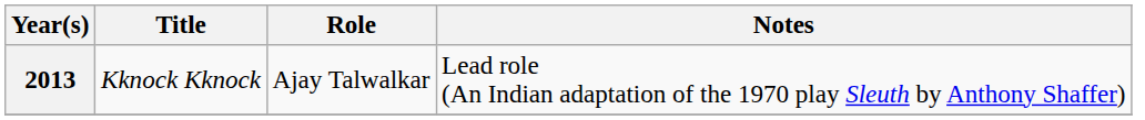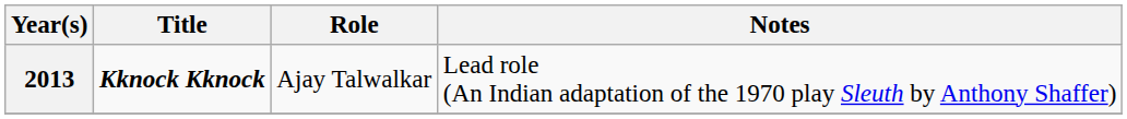 <table class="wikitable plainrowheaders sortable">
 <tr>
 <th scope="col">Year(s)</th>
 <th scope="col">Title</th>
 <th scope="col">Role</th>
 <th scope="col" class="unsortable">Notes</th>
 </tr>
 <tr>
 <th scope="row">2013</th>
-<td><em>Kknock Kknock</em></td>
+<td><strong><em>Kknock Kknock</em></strong></td>
 <td>Ajay Talwalkar</td>
 <td>Lead role<br>(An Indian adaptation of the 1970 play <em><a href='#'>Sleuth</a></em> by <a href='#'>Anthony Shaffer</a>)</td>
 </tr>
 <tr>
 </tr>
 </table>
